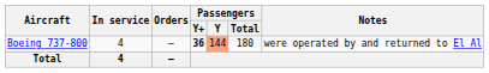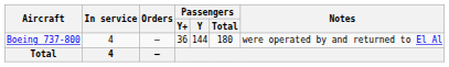 <table class="wikitable" style="margin:1em auto; border-collapse:collapse;text-align:center">
 <tr>
 <th rowspan="2">Aircraft</th>
 <th rowspan="2">In service</th>
 <th rowspan="2">Orders</th>
 <th colspan="3">Passengers</th>
 <th rowspan="2">Notes</th>
 </tr>
 <tr>
 <th><abbr>Y+</abbr></th>
 <th><abbr>Y</abbr></th>
 <th>Total</th>
 </tr>
 <tr>
 <td><a href='#'>Boeing 737-800</a></td>
 <td>4</td>
 <td>—</td>
-<td><strong>36</strong></td>
-<td style="background: lightsalmon;">144</td>
+<td>36</td>
+<td>144</td>
 <td>180</td>
 <td>were operated by and returned to <a href='#'>El Al</a></td>
 </tr>
 <tr>
 <th>Total</th>
 <th>4</th>
 <th>—</th>
 <th colspan="4"></th>
 </tr>
 </table>
